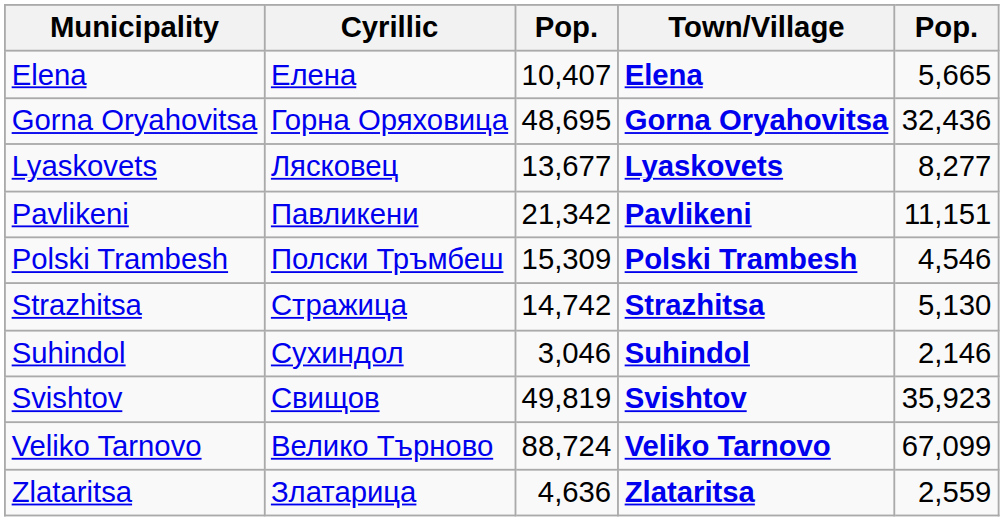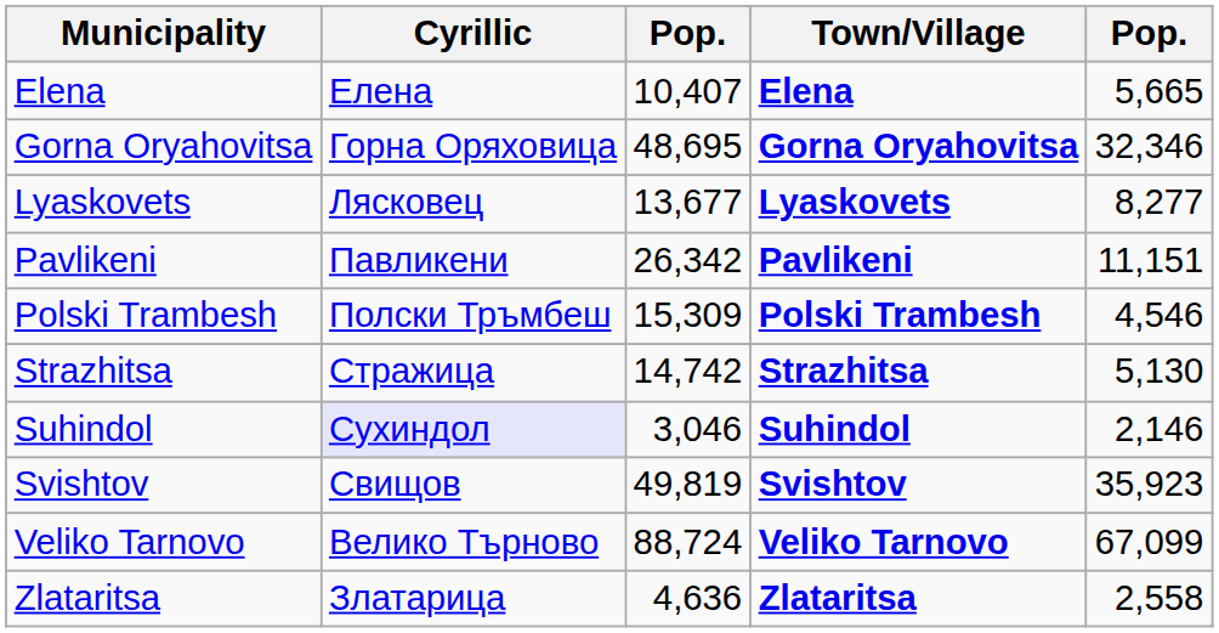 <table class="wikitable sortable">
 <tr>
 <th>Municipality</th>
 <th>Cyrillic</th>
 <th>Pop.</th>
 <th>Town/Village</th>
 <th>Pop.</th>
 </tr>
 <tr>
 <td><a href='#'>Elena</a></td>
 <td><a href='#'>Елена</a></td>
 <td align="right">10,407</td>
 <td><strong><a href='#'>Elena</a></strong></td>
 <td align="right">5,665</td>
 </tr>
 <tr>
 <td><a href='#'>Gorna Oryahovitsa</a></td>
 <td><a href='#'>Горна Оряховица</a></td>
 <td align="right">48,695</td>
 <td><strong><a href='#'>Gorna Oryahovitsa</a></strong></td>
-<td align="right">32,436</td>
+<td align="right">32,346</td>
 </tr>
 <tr>
 <td><a href='#'>Lyaskovets</a></td>
 <td><a href='#'>Лясковец</a></td>
 <td align="right">13,677</td>
 <td><strong><a href='#'>Lyaskovets</a></strong></td>
 <td align="right">8,277</td>
 </tr>
 <tr>
 <td><a href='#'>Pavlikeni</a></td>
 <td><a href='#'>Павликени</a></td>
-<td align="right">21,342</td>
+<td align="right">26,342</td>
 <td><strong><a href='#'>Pavlikeni</a></strong></td>
 <td align="right">11,151</td>
 </tr>
 <tr>
 <td><a href='#'>Polski Trambesh</a></td>
 <td><a href='#'>Полски Тръмбеш</a></td>
 <td align="right">15,309</td>
 <td><strong><a href='#'>Polski Trambesh</a></strong></td>
 <td align="right">4,546</td>
 </tr>
 <tr>
 <td><a href='#'>Strazhitsa</a></td>
 <td><a href='#'>Стражица</a></td>
 <td align="right">14,742</td>
 <td><strong><a href='#'>Strazhitsa</a></strong></td>
 <td align="right">5,130</td>
 </tr>
 <tr>
 <td><a href='#'>Suhindol</a></td>
-<td><a href='#'>Сухиндол</a></td>
+<td style="background: lavender;"><a href='#'>Сухиндол</a></td>
 <td align="right">3,046</td>
 <td><strong><a href='#'>Suhindol</a></strong></td>
 <td align="right">2,146</td>
 </tr>
 <tr>
 <td><a href='#'>Svishtov</a></td>
 <td><a href='#'>Свищов</a></td>
 <td align="right">49,819</td>
 <td><strong><a href='#'>Svishtov</a></strong></td>
 <td align="right">35,923</td>
 </tr>
 <tr>
 <td><a href='#'>Veliko Tarnovo</a></td>
 <td><a href='#'>Велико Търново</a></td>
 <td align="right">88,724</td>
 <td><strong><a href='#'>Veliko Tarnovo</a></strong></td>
 <td align="right">67,099</td>
 </tr>
 <tr>
 <td><a href='#'>Zlataritsa</a></td>
 <td><a href='#'>Златарица</a></td>
 <td align="right">4,636</td>
 <td><strong><a href='#'>Zlataritsa</a></strong></td>
-<td align="right">2,559</td>
+<td align="right">2,558</td>
 </tr>
 </table>
